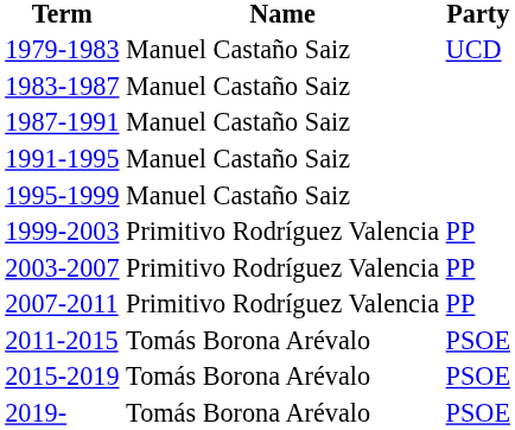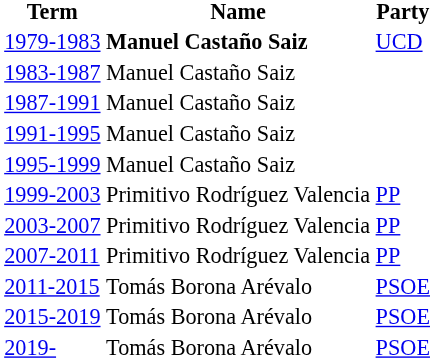 <table>
 <tr>
 <th>Term</th>
 <th>Name</th>
 <th>Party</th>
 </tr>
 <tr>
 <td><a href='#'>1979-1983</a></td>
-<td>Manuel Castaño Saiz</td>
+<td><strong>Manuel Castaño Saiz</strong></td>
 <td><a href='#'>UCD</a></td>
 </tr>
 <tr>
 <td><a href='#'>1983-1987</a></td>
 <td>Manuel Castaño Saiz</td>
 <td></td>
 </tr>
 <tr>
 <td><a href='#'>1987-1991</a></td>
 <td>Manuel Castaño Saiz</td>
 <td></td>
 </tr>
 <tr>
 <td><a href='#'>1991-1995</a></td>
 <td>Manuel Castaño Saiz</td>
 <td></td>
 </tr>
 <tr>
 <td><a href='#'>1995-1999</a></td>
 <td>Manuel Castaño Saiz</td>
 <td></td>
 </tr>
 <tr>
 <td><a href='#'>1999-2003</a></td>
 <td>Primitivo Rodríguez Valencia</td>
 <td><a href='#'>PP</a></td>
 </tr>
 <tr>
 <td><a href='#'>2003-2007</a></td>
 <td>Primitivo Rodríguez Valencia</td>
 <td><a href='#'>PP</a></td>
 </tr>
 <tr>
 <td><a href='#'>2007-2011</a></td>
 <td>Primitivo Rodríguez Valencia</td>
 <td><a href='#'>PP</a></td>
 </tr>
 <tr>
 <td><a href='#'>2011-2015</a></td>
 <td>Tomás Borona Arévalo</td>
 <td><a href='#'>PSOE</a></td>
 </tr>
 <tr>
 <td><a href='#'>2015-2019</a></td>
 <td>Tomás Borona Arévalo</td>
 <td><a href='#'>PSOE</a></td>
 </tr>
 <tr>
 <td><a href='#'>2019-</a></td>
 <td>Tomás Borona Arévalo</td>
 <td><a href='#'>PSOE</a></td>
 </tr>
 <tr>
 </tr>
 </table>
